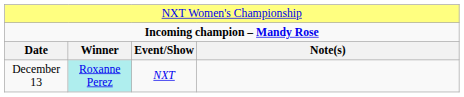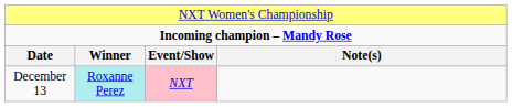 <table class="wikitable" style="text-align:center; width:100%;">
 <tr style="background:#FFFF80;">
 <td colspan="4" style="text-align: center;"><a href='#'>NXT Women's Championship</a></td>
 </tr>
 <tr>
 <td colspan="4" style="text-align: center;"><strong>Incoming champion – <a href='#'>Mandy Rose</a></strong></td>
 </tr>
 <tr>
 <th width=14%>Date</th>
 <th width=14%>Winner</th>
 <th width=14%>Event/Show</th>
 <th width=58%>Note(s)</th>
 </tr>
 <tr>
 <td>December 13</td>
 <td style="background: paleturquoise;"><a href='#'>Roxanne Perez</a></td>
-<td><em><a href='#'>NXT</a></em></td>
+<td style="background: pink;"><em><a href='#'>NXT</a></em></td>
 <td></td>
 </tr>
 </table>
